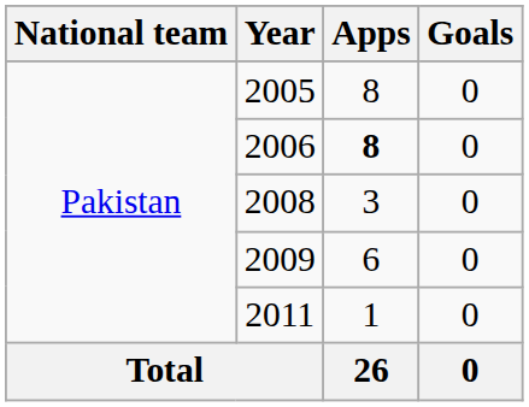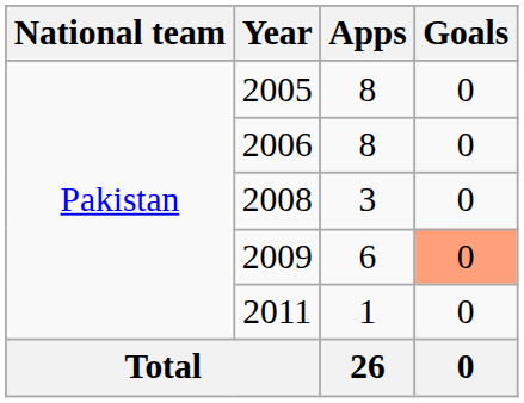 <table class="wikitable" style="text-align:center">
 <tr>
 <th>National team</th>
 <th>Year</th>
 <th>Apps</th>
 <th>Goals</th>
 </tr>
 <tr>
 <td rowspan="5"><a href='#'>Pakistan</a></td>
 <td>2005</td>
 <td>8</td>
 <td>0</td>
 </tr>
 <tr>
 <td>2006</td>
-<td><strong>8</strong></td>
+<td>8</td>
 <td>0</td>
 </tr>
 <tr>
 <td>2008</td>
 <td>3</td>
 <td>0</td>
 </tr>
 <tr>
 <td>2009</td>
 <td>6</td>
-<td>0</td>
+<td style="background: lightsalmon;">0</td>
 </tr>
 <tr>
 <td>2011</td>
 <td>1</td>
 <td>0</td>
 </tr>
 <tr>
 <th colspan="2">Total</th>
 <th>26</th>
 <th>0</th>
 </tr>
 </table>
